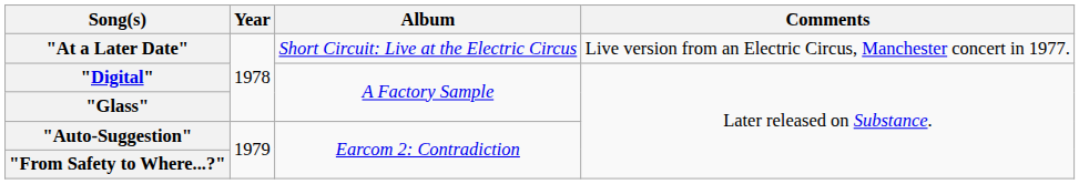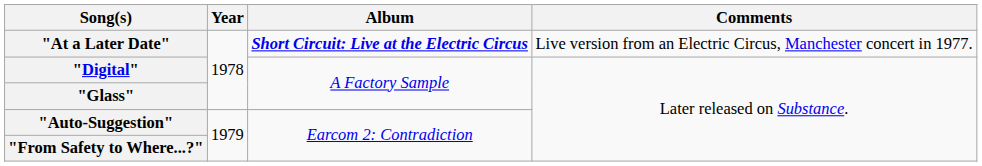 <table class="wikitable plainrowheaders" style="text-align:center;">
 <tr>
 <th>Song(s)</th>
 <th>Year</th>
 <th>Album</th>
 <th>Comments</th>
 </tr>
 <tr>
 <th scope="row">"At a Later Date"</th>
 <td rowspan="3">1978</td>
-<td><em><a href='#'>Short Circuit: Live at the Electric Circus</a></em></td>
+<td><strong><em><a href='#'>Short Circuit: Live at the Electric Circus</a></em></strong></td>
 <td>Live version from an Electric Circus, <a href='#'>Manchester</a> concert in 1977.</td>
 </tr>
 <tr>
 <th scope="row">"<a href='#'>Digital</a>"</th>
 <td rowspan="2"><em><a href='#'>A Factory Sample</a></em></td>
 <td rowspan="4">Later released on <em><a href='#'>Substance</a></em>.</td>
 </tr>
 <tr>
 <th scope="row">"Glass"</th>
 </tr>
 <tr>
 <th scope="row">"Auto-Suggestion"</th>
 <td rowspan="2">1979</td>
 <td rowspan="2"><em><a href='#'>Earcom 2: Contradiction</a></em></td>
 </tr>
 <tr>
 <th scope="row">"From Safety to Where...?"</th>
 </tr>
 </table>
